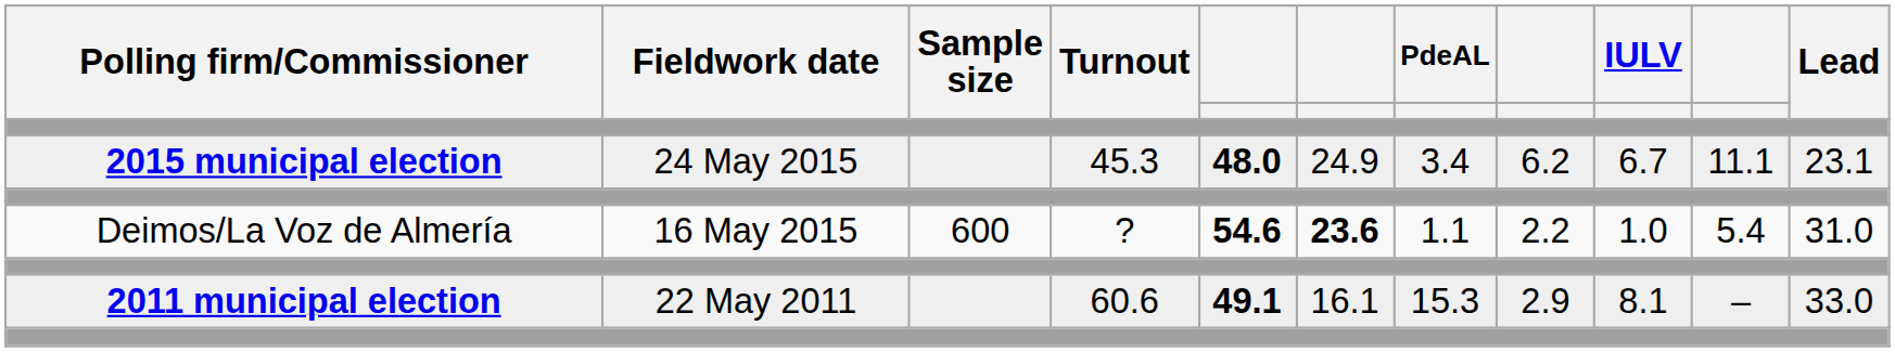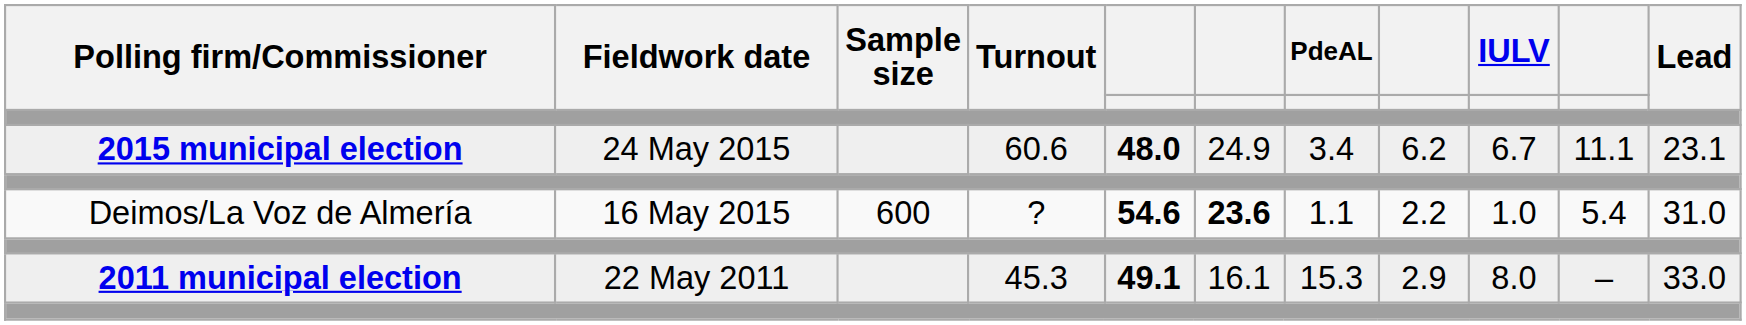 <table class="wikitable collapsible collapsed" style="text-align:center; font-size:95%; line-height:16px;">
 <tr style="height:42px;">
 <th style="width:250px;" rowspan="2">Polling firm/Commissioner</th>
 <th style="width:125px;" rowspan="2">Fieldwork date</th>
 <th style="width:50px;" rowspan="2">Sample size</th>
 <th style="width:45px;" rowspan="2">Turnout</th>
 <th style="width:35px;"></th>
 <th style="width:35px;"></th>
 <th style="width:35px; font-size:80%;">PdeAL</th>
 <th style="width:35px;"></th>
 <th style="width:35px;"><a href='#'>IULV</a></th>
 <th style="width:35px;"></th>
 <th style="width:30px;" rowspan="2">Lead</th>
 </tr>
 <tr>
 <th style="color:inherit;background:"></th>
 <th style="color:inherit;background:"></th>
 <th style="color:inherit;background:"></th>
 <th style="color:inherit;background:"></th>
 <th style="color:inherit;background:"></th>
 <th style="color:inherit;background:"></th>
 </tr>
 <tr>
 <td colspan="11" style="background:#A0A0A0"></td>
 </tr>
 <tr style="background:#EFEFEF;">
 <td><strong><a href='#'>2015 municipal election</a></strong></td>
 <td>24 May 2015</td>
 <td></td>
-<td>45.3</td>
+<td>60.6</td>
 <td><strong>48.0</strong><br></td>
 <td>24.9<br></td>
 <td>3.4<br></td>
 <td>6.2<br></td>
 <td>6.7<br></td>
 <td>11.1<br></td>
 <td style="background:">23.1</td>
 </tr>
 <tr>
 <td colspan="11" style="background:#A0A0A0"></td>
 </tr>
 <tr>
 <td>Deimos/La Voz de Almería</td>
 <td>16 May 2015</td>
 <td>600</td>
 <td>?</td>
 <td><strong>54.6</strong><br></td>
 <td><strong>23.6<br></strong></td>
 <td>1.1<br></td>
 <td>2.2<br></td>
 <td>1.0<br></td>
 <td>5.4<br></td>
 <td style="background:">31.0</td>
 </tr>
 <tr>
 <td colspan="11" style="background:#A0A0A0"></td>
 </tr>
 <tr style="background:#EFEFEF;">
 <td><strong><a href='#'>2011 municipal election</a></strong></td>
 <td>22 May 2011</td>
 <td></td>
-<td>60.6</td>
+<td>45.3</td>
 <td><strong>49.1</strong><br></td>
 <td>16.1<br></td>
 <td>15.3<br></td>
 <td>2.9<br></td>
-<td>8.1<br></td>
+<td>8.0<br></td>
 <td>–</td>
 <td style="background:">33.0</td>
 </tr>
 <tr>
 <td colspan="11" style="background:#A0A0A0"></td>
 </tr>
 </table>
